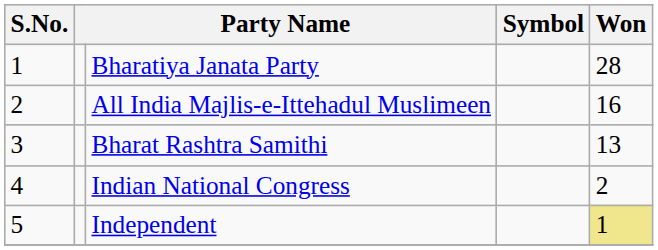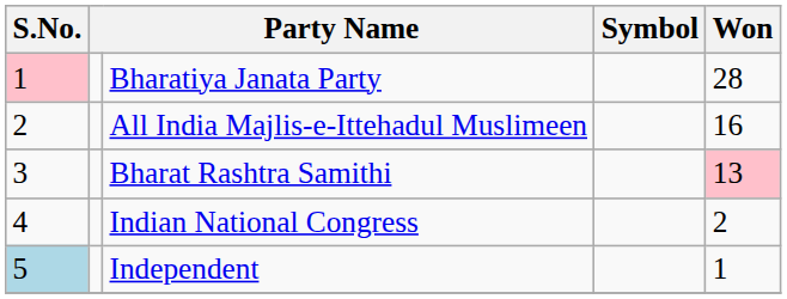 <table CLASS="sortable wikitable">
 <tr>
 <th>S.No.</th>
 <th colspan=2>Party Name</th>
 <th>Symbol</th>
 <th>Won</th>
 </tr>
 <tr>
-<td>1</td>
+<td style="background: pink;">1</td>
 <td></td>
 <td><a href='#'>Bharatiya Janata Party</a></td>
 <td></td>
 <td>28</td>
 </tr>
 <tr>
 <td>2</td>
 <td></td>
 <td><a href='#'>All India Majlis-e-Ittehadul Muslimeen</a></td>
 <td></td>
 <td>16</td>
 </tr>
 <tr>
 <td>3</td>
 <td></td>
 <td><a href='#'>Bharat Rashtra Samithi</a></td>
 <td></td>
-<td>13</td>
+<td style="background: pink;">13</td>
 </tr>
 <tr>
 <td>4</td>
 <td></td>
 <td><a href='#'>Indian National Congress</a></td>
 <td></td>
 <td>2</td>
 </tr>
 <tr>
-<td>5</td>
+<td style="background: lightblue;">5</td>
 <td></td>
 <td><a href='#'>Independent</a></td>
 <td></td>
-<td style="background: khaki;">1</td>
+<td>1</td>
 </tr>
 <tr>
 </tr>
 </table>
